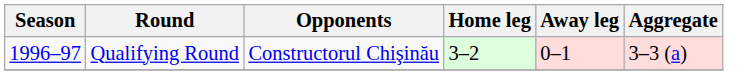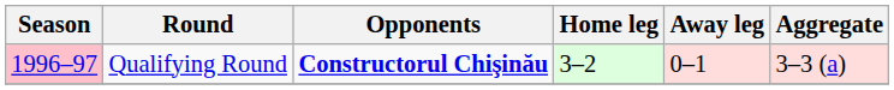 <table class="wikitable" style="text-align: left;">
 <tr>
 <th>Season</th>
 <th>Round</th>
 <th>Opponents</th>
 <th>Home leg</th>
 <th>Away leg</th>
 <th>Aggregate</th>
 </tr>
 <tr>
-<td><a href='#'>1996–97</a></td>
+<td style="background: pink;"><a href='#'>1996–97</a></td>
 <td><a href='#'>Qualifying Round</a></td>
-<td> <a href='#'>Constructorul Chişinău</a></td>
+<td><strong> <a href='#'>Constructorul Chişinău</a></strong></td>
 <td bgcolor="#ddffdd">3–2</td>
 <td bgcolor="#ffdddd">0–1</td>
 <td bgcolor="#ffdddd">3–3 (<a href='#'>a</a>)</td>
 </tr>
 <tr>
 </tr>
 </table>
